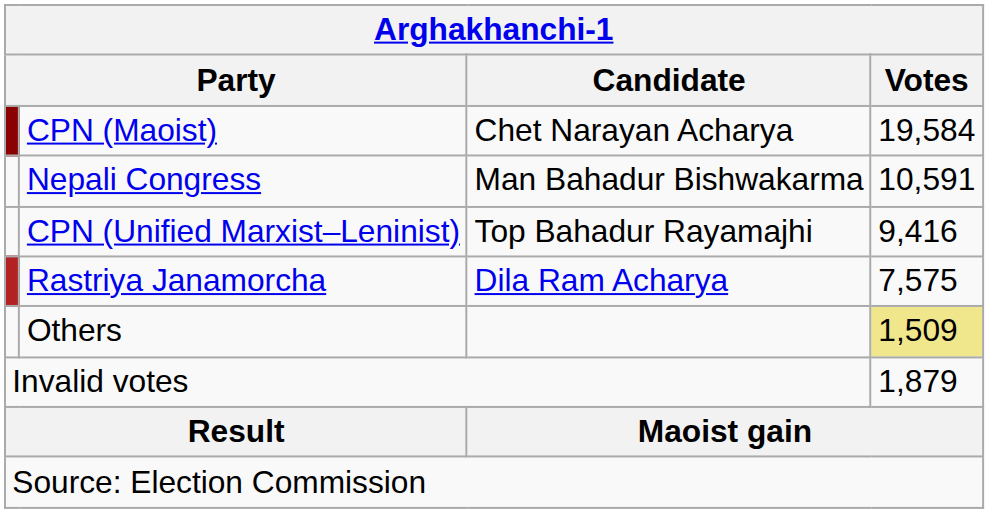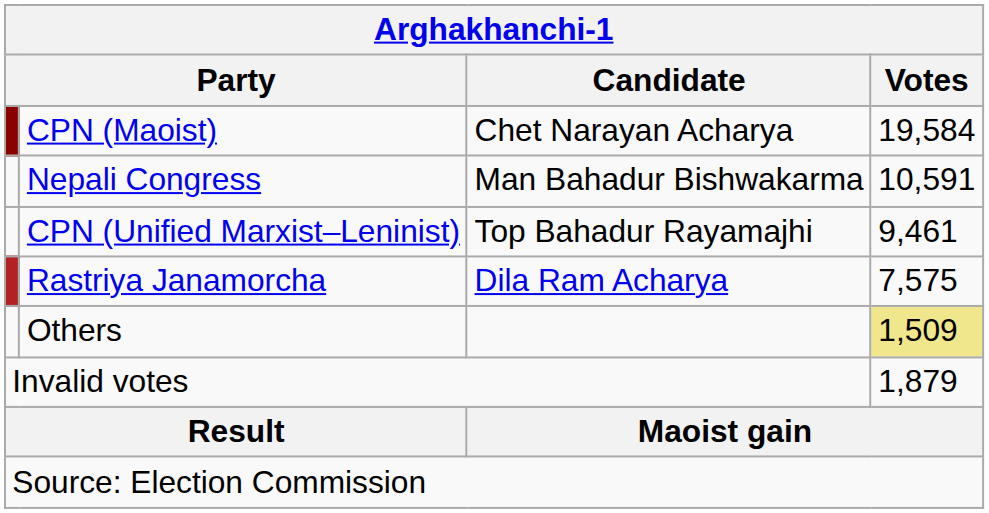 <table class="wikitable">
 <tr>
 <th colspan="4"><a href='#'>Arghakhanchi-1</a></th>
 </tr>
 <tr>
 <th colspan="2">Party</th>
 <th>Candidate</th>
 <th>Votes</th>
 </tr>
 <tr>
 <td style="background-color:darkred"></td>
 <td><a href='#'>CPN (Maoist)</a></td>
 <td>Chet Narayan Acharya</td>
 <td>19,584</td>
 </tr>
 <tr>
 <td style="background-color:"></td>
 <td><a href='#'>Nepali Congress</a></td>
 <td>Man Bahadur Bishwakarma</td>
 <td>10,591</td>
 </tr>
 <tr>
 <td style="background-color:"></td>
 <td><a href='#'>CPN (Unified Marxist–Leninist)</a></td>
 <td>Top Bahadur Rayamajhi</td>
-<td>9,416</td>
+<td>9,461</td>
 </tr>
 <tr>
 <td style="background-color:firebrick"></td>
 <td><a href='#'>Rastriya Janamorcha</a></td>
 <td><a href='#'>Dila Ram Acharya</a></td>
 <td>7,575</td>
 </tr>
 <tr>
 <td></td>
 <td>Others</td>
 <td></td>
 <td style="background: khaki;">1,509</td>
 </tr>
 <tr>
 <td colspan="3">Invalid votes</td>
 <td>1,879</td>
 </tr>
 <tr>
 <th colspan="2">Result</th>
 <th colspan="2">Maoist gain</th>
 </tr>
 <tr>
 <td colspan="4">Source: Election Commission</td>
 </tr>
 </table>
